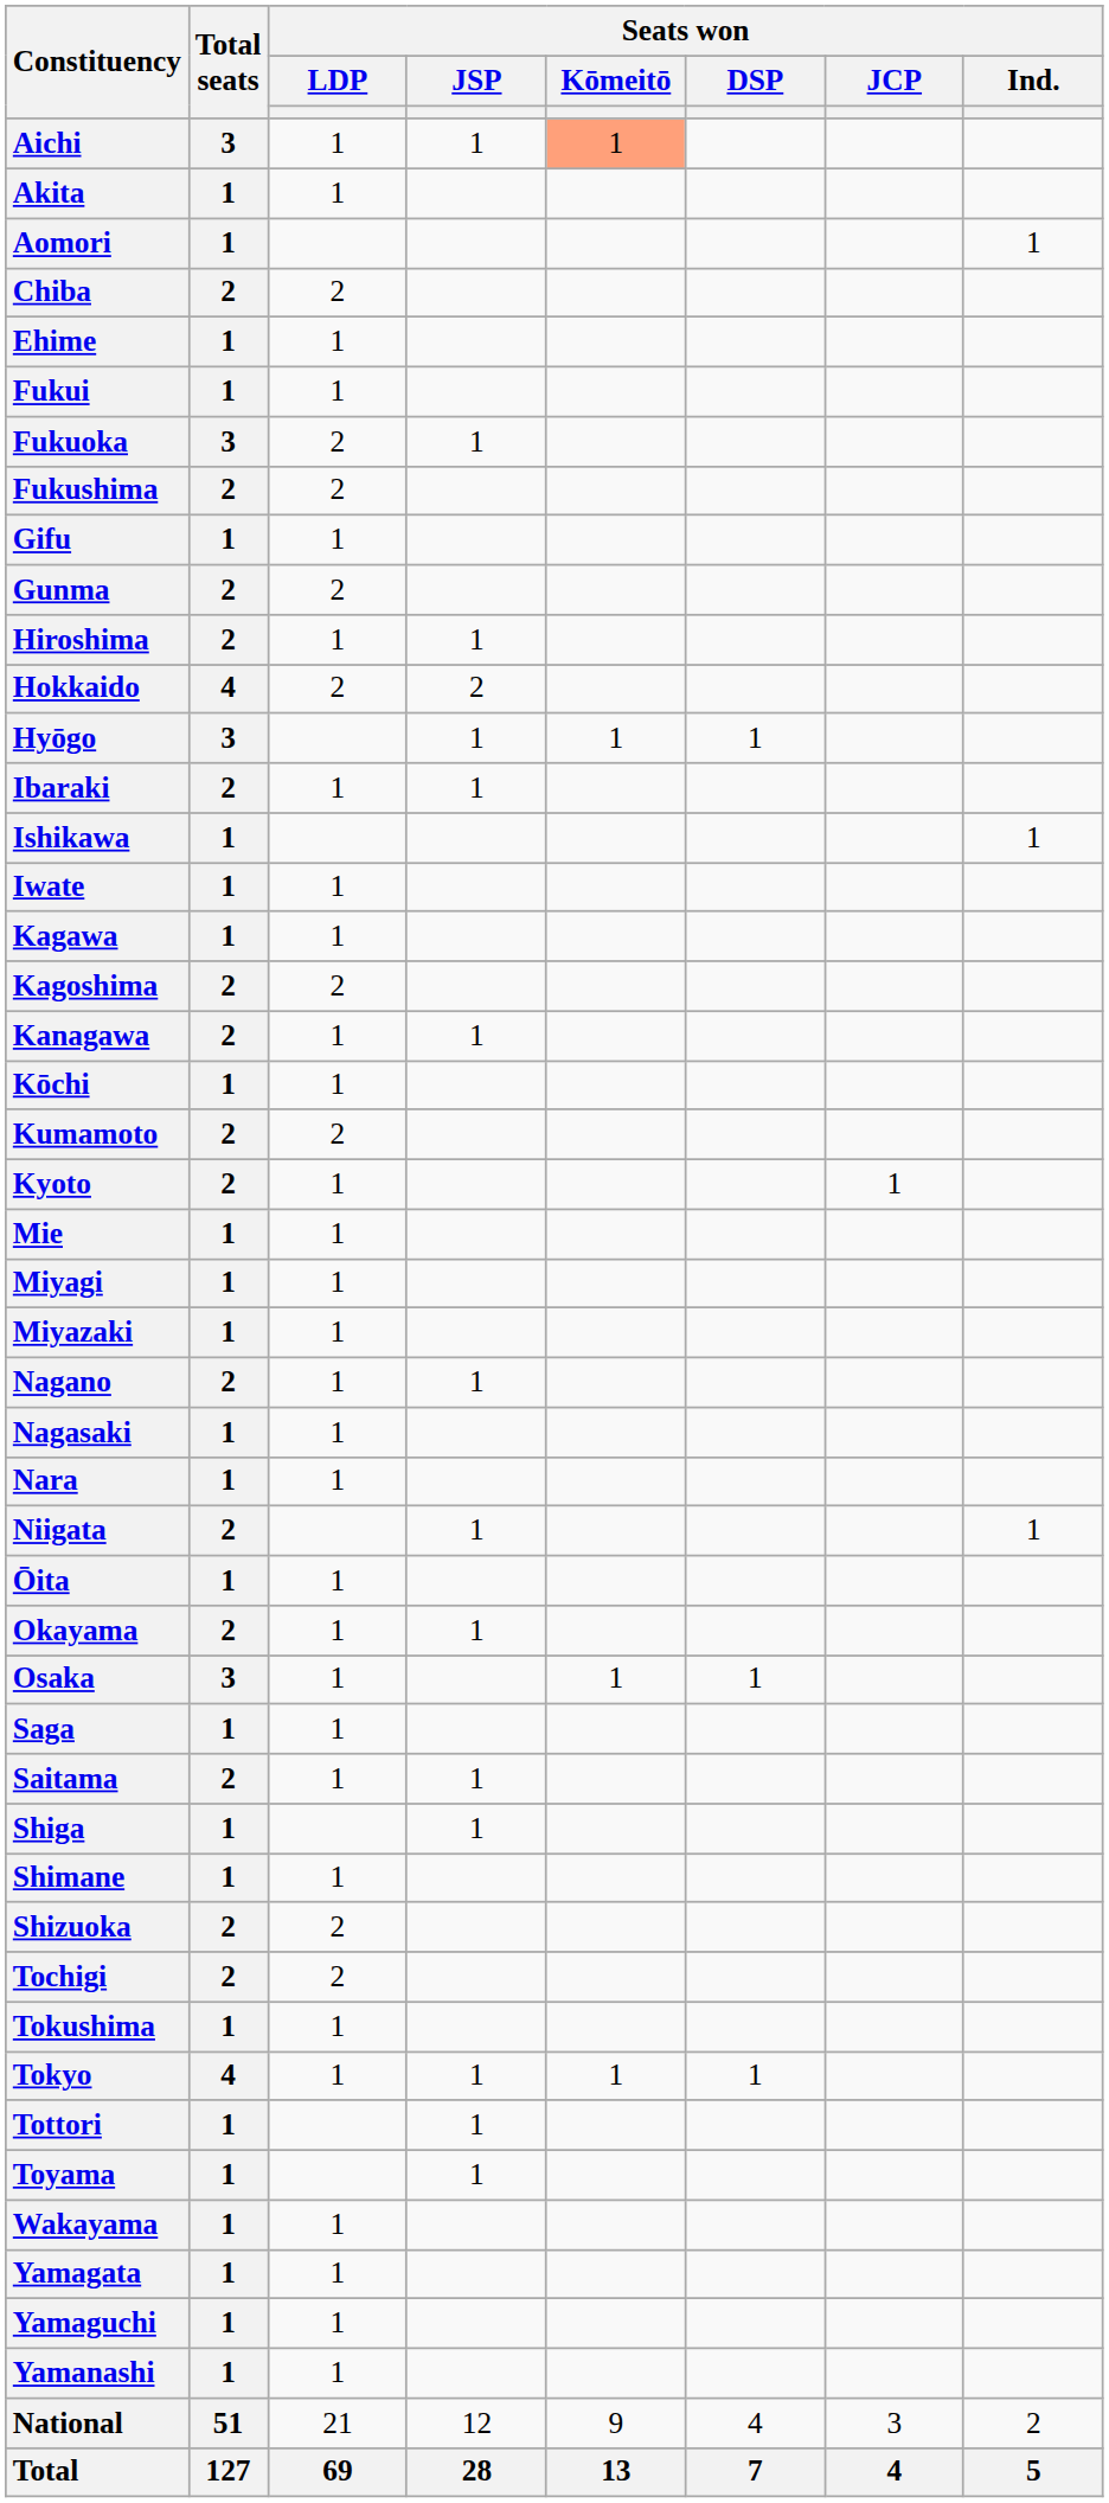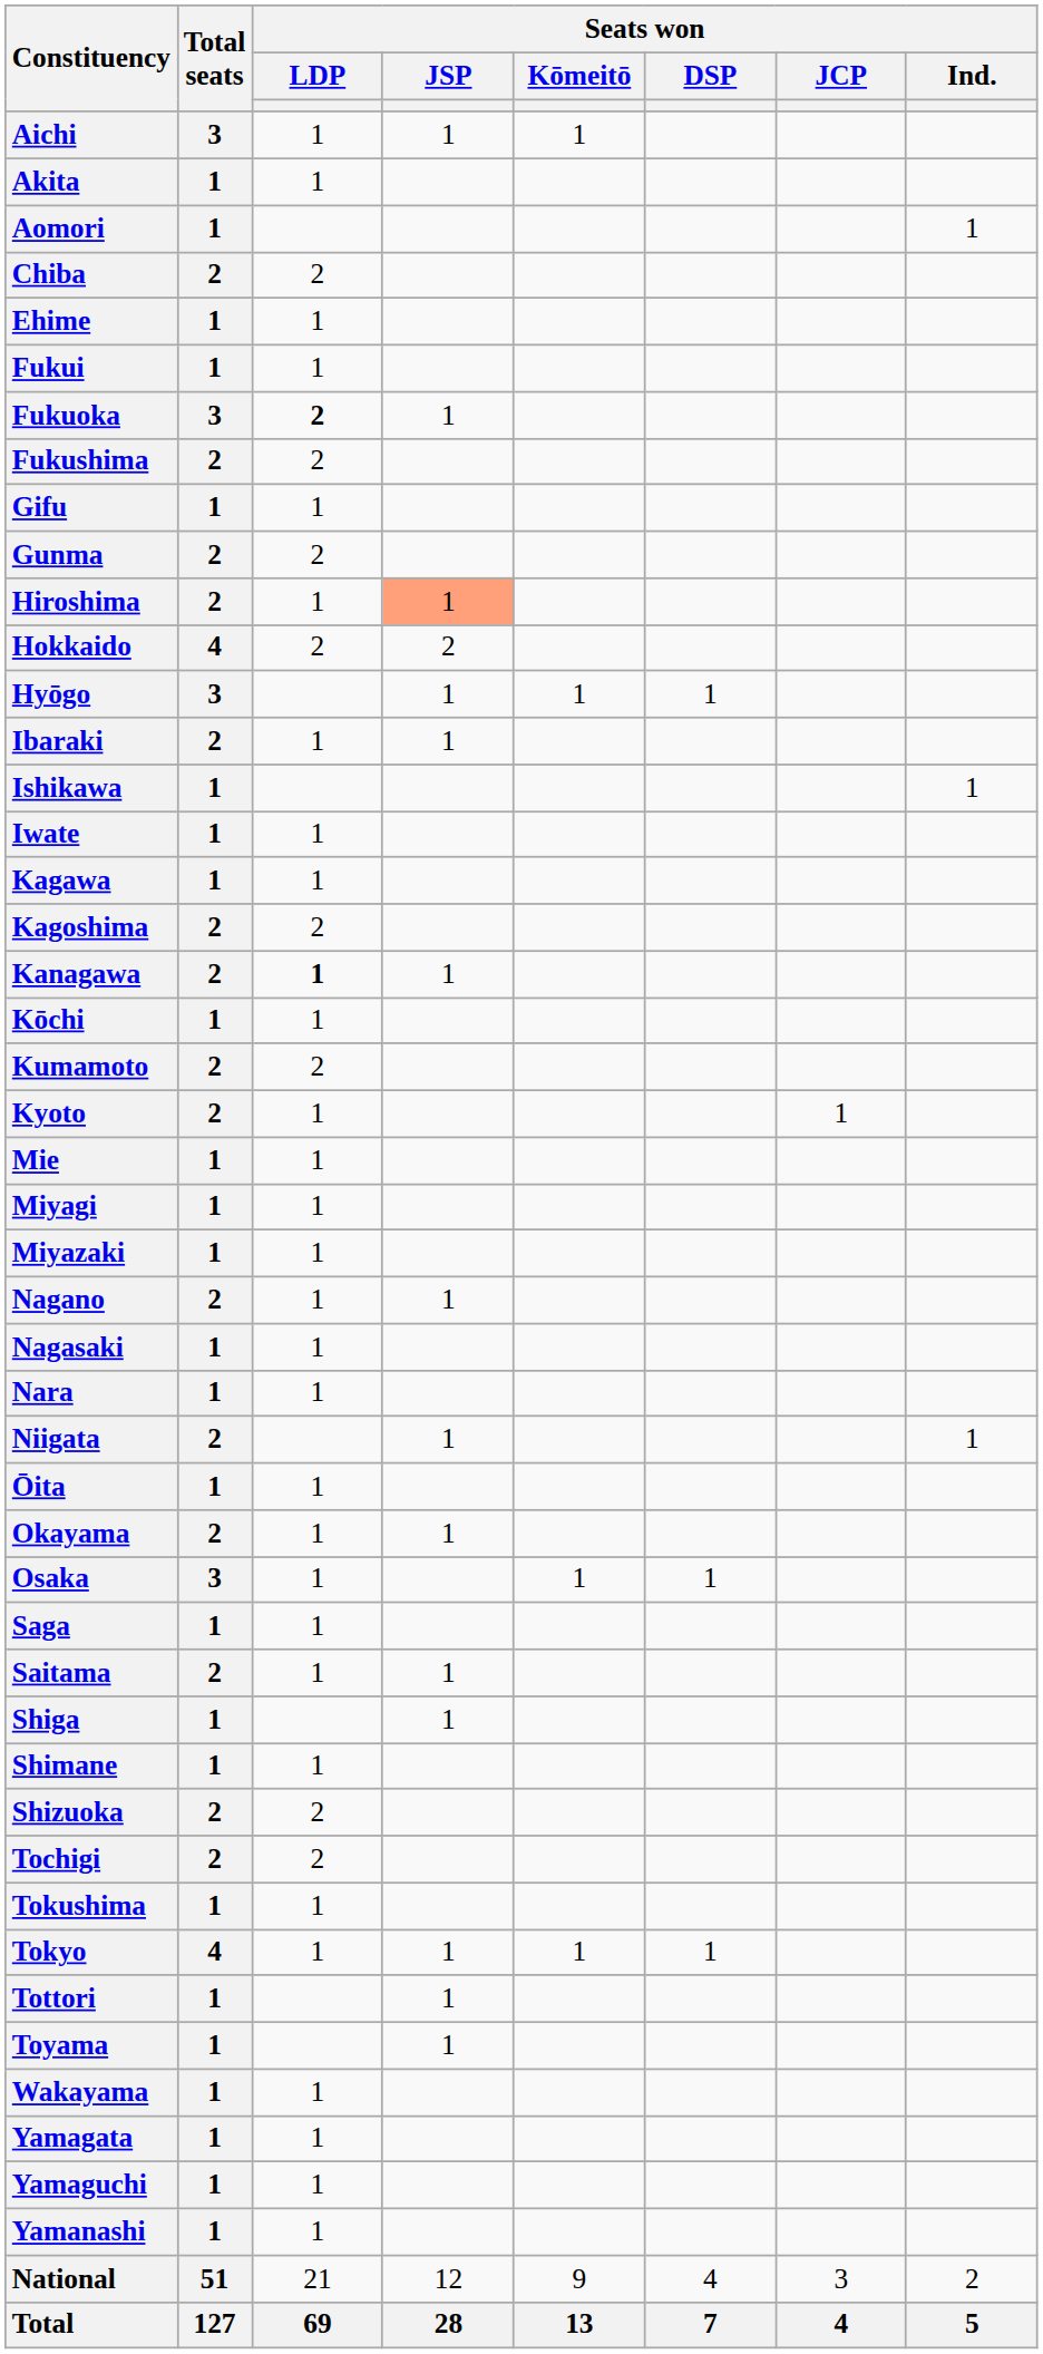 <table class="wikitable" style="text-align:center; font-size: 0.9em;">
 <tr>
 <th rowspan="3">Constituency</th>
 <th rowspan="3">Total<br>seats</th>
 <th colspan="6">Seats won</th>
 </tr>
 <tr>
 <th class="unsortable" style="width:60px;"><a href='#'>LDP</a></th>
 <th class="unsortable" style="width:60px;"><a href='#'>JSP</a></th>
 <th class="unsortable" style="width:60px;"><a href='#'>Kōmeitō</a></th>
 <th class="unsortable" style="width:60px;"><a href='#'>DSP</a></th>
 <th class="unsortable" style="width:60px;"><a href='#'>JCP</a></th>
 <th class="unsortable" style="width:60px;">Ind.</th>
 </tr>
 <tr>
 <th style="background:"></th>
 <th style="background:"></th>
 <th style="background:"></th>
 <th style="background:"></th>
 <th style="background:"></th>
 <th style="background:"></th>
 </tr>
 <tr>
 <th style="text-align: left;"><a href='#'>Aichi</a></th>
 <th>3</th>
 <td>1</td>
 <td>1</td>
-<td style="background: lightsalmon;">1</td>
+<td>1</td>
 <td></td>
 <td></td>
 <td></td>
 </tr>
 <tr>
 <th style="text-align: left;"><a href='#'>Akita</a></th>
 <th>1</th>
 <td>1</td>
 <td></td>
 <td></td>
 <td></td>
 <td></td>
 <td></td>
 </tr>
 <tr>
 <th style="text-align: left;"><a href='#'>Aomori</a></th>
 <th>1</th>
 <td></td>
 <td></td>
 <td></td>
 <td></td>
 <td></td>
 <td>1</td>
 </tr>
 <tr>
 <th style="text-align: left;"><a href='#'>Chiba</a></th>
 <th>2</th>
 <td>2</td>
 <td></td>
 <td></td>
 <td></td>
 <td></td>
 <td></td>
 </tr>
 <tr>
 <th style="text-align: left;"><a href='#'>Ehime</a></th>
 <th>1</th>
 <td>1</td>
 <td></td>
 <td></td>
 <td></td>
 <td></td>
 <td></td>
 </tr>
 <tr>
 <th style="text-align: left;"><a href='#'>Fukui</a></th>
 <th>1</th>
 <td>1</td>
 <td></td>
 <td></td>
 <td></td>
 <td></td>
 <td></td>
 </tr>
 <tr>
 <th style="text-align: left;"><a href='#'>Fukuoka</a></th>
 <th>3</th>
-<td>2</td>
+<td><strong>2</strong></td>
 <td>1</td>
 <td></td>
 <td></td>
 <td></td>
 <td></td>
 </tr>
 <tr>
 <th style="text-align: left;"><a href='#'>Fukushima</a></th>
 <th>2</th>
 <td>2</td>
 <td></td>
 <td></td>
 <td></td>
 <td></td>
 <td></td>
 </tr>
 <tr>
 <th style="text-align: left;"><a href='#'>Gifu</a></th>
 <th>1</th>
 <td>1</td>
 <td></td>
 <td></td>
 <td></td>
 <td></td>
 <td></td>
 </tr>
 <tr>
 <th style="text-align: left;"><a href='#'>Gunma</a></th>
 <th>2</th>
 <td>2</td>
 <td></td>
 <td></td>
 <td></td>
 <td></td>
 <td></td>
 </tr>
 <tr>
 <th style="text-align: left;"><a href='#'>Hiroshima</a></th>
 <th>2</th>
 <td>1</td>
-<td>1</td>
+<td style="background: lightsalmon;">1</td>
 <td></td>
 <td></td>
 <td></td>
 <td></td>
 </tr>
 <tr>
 <th style="text-align: left;"><a href='#'>Hokkaido</a></th>
 <th>4</th>
 <td>2</td>
 <td>2</td>
 <td></td>
 <td></td>
 <td></td>
 <td></td>
 </tr>
 <tr>
 <th style="text-align: left;"><a href='#'>Hyōgo</a></th>
 <th>3</th>
 <td></td>
 <td>1</td>
 <td>1</td>
 <td>1</td>
 <td></td>
 <td></td>
 </tr>
 <tr>
 <th style="text-align: left;"><a href='#'>Ibaraki</a></th>
 <th>2</th>
 <td>1</td>
 <td>1</td>
 <td></td>
 <td></td>
 <td></td>
 <td></td>
 </tr>
 <tr>
 <th style="text-align: left;"><a href='#'>Ishikawa</a></th>
 <th>1</th>
 <td></td>
 <td></td>
 <td></td>
 <td></td>
 <td></td>
 <td>1</td>
 </tr>
 <tr>
 <th style="text-align: left;"><a href='#'>Iwate</a></th>
 <th>1</th>
 <td>1</td>
 <td></td>
 <td></td>
 <td></td>
 <td></td>
 <td></td>
 </tr>
 <tr>
 <th style="text-align: left;"><a href='#'>Kagawa</a></th>
 <th>1</th>
 <td>1</td>
 <td></td>
 <td></td>
 <td></td>
 <td></td>
 <td></td>
 </tr>
 <tr>
 <th style="text-align: left;"><a href='#'>Kagoshima</a></th>
 <th>2</th>
 <td>2</td>
 <td></td>
 <td></td>
 <td></td>
 <td></td>
 <td></td>
 </tr>
 <tr>
 <th style="text-align: left;"><a href='#'>Kanagawa</a></th>
 <th>2</th>
-<td>1</td>
+<td><strong>1</strong></td>
 <td>1</td>
 <td></td>
 <td></td>
 <td></td>
 <td></td>
 </tr>
 <tr>
 <th style="text-align: left;"><a href='#'>Kōchi</a></th>
 <th>1</th>
 <td>1</td>
 <td></td>
 <td></td>
 <td></td>
 <td></td>
 <td></td>
 </tr>
 <tr>
 <th style="text-align: left;"><a href='#'>Kumamoto</a></th>
 <th>2</th>
 <td>2</td>
 <td></td>
 <td></td>
 <td></td>
 <td></td>
 <td></td>
 </tr>
 <tr>
 <th style="text-align: left;"><a href='#'>Kyoto</a></th>
 <th>2</th>
 <td>1</td>
 <td></td>
 <td></td>
 <td></td>
 <td>1</td>
 <td></td>
 </tr>
 <tr>
 <th style="text-align: left;"><a href='#'>Mie</a></th>
 <th>1</th>
 <td>1</td>
 <td></td>
 <td></td>
 <td></td>
 <td></td>
 <td></td>
 </tr>
 <tr>
 <th style="text-align: left;"><a href='#'>Miyagi</a></th>
 <th>1</th>
 <td>1</td>
 <td></td>
 <td></td>
 <td></td>
 <td></td>
 <td></td>
 </tr>
 <tr>
 <th style="text-align: left;"><a href='#'>Miyazaki</a></th>
 <th>1</th>
 <td>1</td>
 <td></td>
 <td></td>
 <td></td>
 <td></td>
 <td></td>
 </tr>
 <tr>
 <th style="text-align: left;"><a href='#'>Nagano</a></th>
 <th>2</th>
 <td>1</td>
 <td>1</td>
 <td></td>
 <td></td>
 <td></td>
 <td></td>
 </tr>
 <tr>
 <th style="text-align: left;"><a href='#'>Nagasaki</a></th>
 <th>1</th>
 <td>1</td>
 <td></td>
 <td></td>
 <td></td>
 <td></td>
 <td></td>
 </tr>
 <tr>
 <th style="text-align: left;"><a href='#'>Nara</a></th>
 <th>1</th>
 <td>1</td>
 <td></td>
 <td></td>
 <td></td>
 <td></td>
 <td></td>
 </tr>
 <tr>
 <th style="text-align: left;"><a href='#'>Niigata</a></th>
 <th>2</th>
 <td></td>
 <td>1</td>
 <td></td>
 <td></td>
 <td></td>
 <td>1</td>
 </tr>
 <tr>
 <th style="text-align: left;"><a href='#'>Ōita</a></th>
 <th>1</th>
 <td>1</td>
 <td></td>
 <td></td>
 <td></td>
 <td></td>
 <td></td>
 </tr>
 <tr>
 <th style="text-align: left;"><a href='#'>Okayama</a></th>
 <th>2</th>
 <td>1</td>
 <td>1</td>
 <td></td>
 <td></td>
 <td></td>
 <td></td>
 </tr>
 <tr>
 <th style="text-align: left;"><a href='#'>Osaka</a></th>
 <th>3</th>
 <td>1</td>
 <td></td>
 <td>1</td>
 <td>1</td>
 <td></td>
 <td></td>
 </tr>
 <tr>
 <th style="text-align: left;"><a href='#'>Saga</a></th>
 <th>1</th>
 <td>1</td>
 <td></td>
 <td></td>
 <td></td>
 <td></td>
 <td></td>
 </tr>
 <tr>
 <th style="text-align: left;"><a href='#'>Saitama</a></th>
 <th>2</th>
 <td>1</td>
 <td>1</td>
 <td></td>
 <td></td>
 <td></td>
 <td></td>
 </tr>
 <tr>
 <th style="text-align: left;"><a href='#'>Shiga</a></th>
 <th>1</th>
 <td></td>
 <td>1</td>
 <td></td>
 <td></td>
 <td></td>
 <td></td>
 </tr>
 <tr>
 <th style="text-align: left;"><a href='#'>Shimane</a></th>
 <th>1</th>
 <td>1</td>
 <td></td>
 <td></td>
 <td></td>
 <td></td>
 <td></td>
 </tr>
 <tr>
 <th style="text-align: left;"><a href='#'>Shizuoka</a></th>
 <th>2</th>
 <td>2</td>
 <td></td>
 <td></td>
 <td></td>
 <td></td>
 <td></td>
 </tr>
 <tr>
 <th style="text-align: left;"><a href='#'>Tochigi</a></th>
 <th>2</th>
 <td>2</td>
 <td></td>
 <td></td>
 <td></td>
 <td></td>
 <td></td>
 </tr>
 <tr>
 <th style="text-align: left;"><a href='#'>Tokushima</a></th>
 <th>1</th>
 <td>1</td>
 <td></td>
 <td></td>
 <td></td>
 <td></td>
 <td></td>
 </tr>
 <tr>
 <th style="text-align: left;"><a href='#'>Tokyo</a></th>
 <th>4</th>
 <td>1</td>
 <td>1</td>
 <td>1</td>
 <td>1</td>
 <td></td>
 <td></td>
 </tr>
 <tr>
 <th style="text-align: left;"><a href='#'>Tottori</a></th>
 <th>1</th>
 <td></td>
 <td>1</td>
 <td></td>
 <td></td>
 <td></td>
 <td></td>
 </tr>
 <tr>
 <th style="text-align: left;"><a href='#'>Toyama</a></th>
 <th>1</th>
 <td></td>
 <td>1</td>
 <td></td>
 <td></td>
 <td></td>
 <td></td>
 </tr>
 <tr>
 <th style="text-align: left;"><a href='#'>Wakayama</a></th>
 <th>1</th>
 <td>1</td>
 <td></td>
 <td></td>
 <td></td>
 <td></td>
 <td></td>
 </tr>
 <tr>
 <th style="text-align: left;"><a href='#'>Yamagata</a></th>
 <th>1</th>
 <td>1</td>
 <td></td>
 <td></td>
 <td></td>
 <td></td>
 <td></td>
 </tr>
 <tr>
 <th style="text-align: left;"><a href='#'>Yamaguchi</a></th>
 <th>1</th>
 <td>1</td>
 <td></td>
 <td></td>
 <td></td>
 <td></td>
 <td></td>
 </tr>
 <tr>
 <th style="text-align: left;"><a href='#'>Yamanashi</a></th>
 <th>1</th>
 <td>1</td>
 <td></td>
 <td></td>
 <td></td>
 <td></td>
 <td></td>
 </tr>
 <tr>
 <th style="text-align: left;">National</th>
 <th>51</th>
 <td>21</td>
 <td>12</td>
 <td>9</td>
 <td>4</td>
 <td>3</td>
 <td>2</td>
 </tr>
 <tr class="sortbottom">
 <th style="text-align: left;">Total</th>
 <th>127</th>
 <th>69</th>
 <th>28</th>
 <th>13</th>
 <th>7</th>
 <th>4</th>
 <th>5</th>
 </tr>
 </table>
